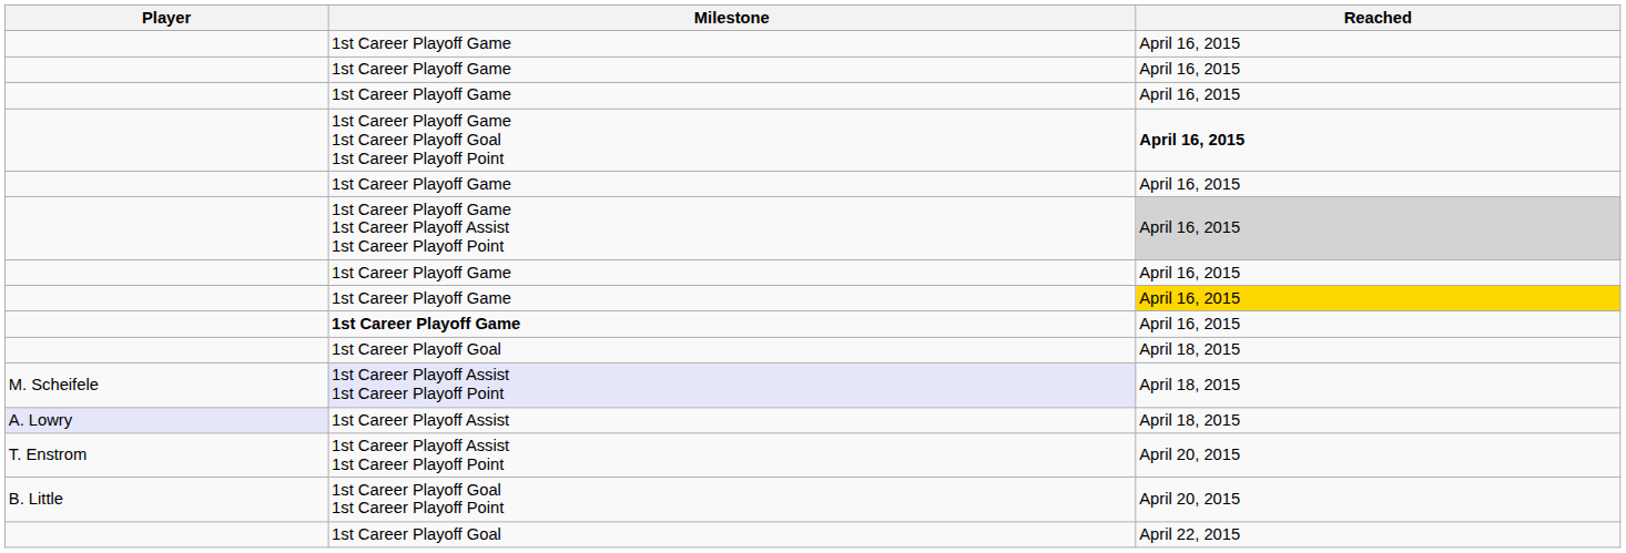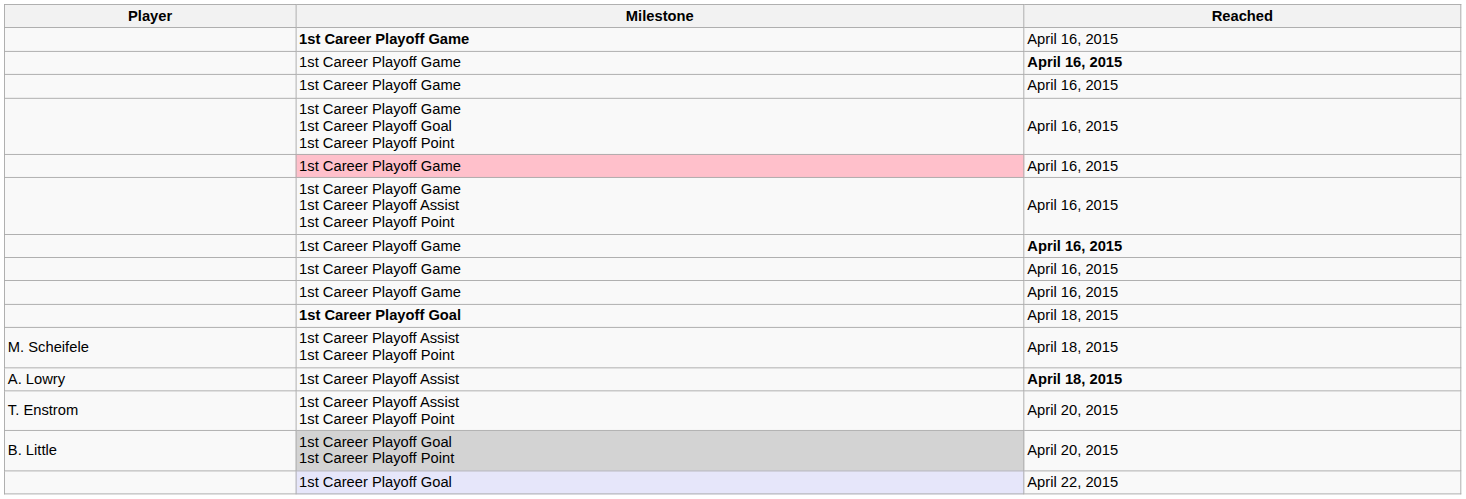 <table class="wikitable sortable" style="width:100%;">
 <tr align=center>
 <th style="width:20%;">Player</th>
 <th style="width:50%;">Milestone</th>
 <th style="width:30%;" data-sort-type="date">Reached</th>
+</tr>
+<tr>
+<td></td>
+<td><strong>1st Career Playoff Game</strong></td>
+<td>April 16, 2015</td>
+</tr>
+<tr>
+<td></td>
+<td>1st Career Playoff Game</td>
+<td><strong>April 16, 2015</strong></td>
+</tr>
+<tr>
+<td></td>
+<td>1st Career Playoff Game</td>
+<td>April 16, 2015</td>
+</tr>
+<tr>
+<td></td>
+<td>1st Career Playoff Game<br>1st Career Playoff Goal<br>1st Career Playoff Point</td>
+<td>April 16, 2015</td>
+</tr>
+<tr>
+<td></td>
+<td style="background: pink;">1st Career Playoff Game</td>
+<td>April 16, 2015</td>
+</tr>
+<tr>
+<td></td>
+<td>1st Career Playoff Game<br>1st Career Playoff Assist<br>1st Career Playoff Point</td>
+<td>April 16, 2015</td>
+</tr>
+<tr>
+<td></td>
+<td>1st Career Playoff Game</td>
+<td><strong>April 16, 2015</strong></td>
 </tr>
 <tr>
 <td></td>
 <td>1st Career Playoff Game</td>
 <td>April 16, 2015</td>
 </tr>
 <tr>
 <td></td>
 <td>1st Career Playoff Game</td>
 <td>April 16, 2015</td>
 </tr>
 <tr>
 <td></td>
-<td>1st Career Playoff Game</td>
-<td>April 16, 2015</td>
-</tr>
-<tr>
-<td></td>
-<td>1st Career Playoff Game<br>1st Career Playoff Goal<br>1st Career Playoff Point</td>
-<td><strong>April 16, 2015</strong></td>
-</tr>
-<tr>
-<td></td>
-<td>1st Career Playoff Game</td>
-<td>April 16, 2015</td>
-</tr>
-<tr>
-<td></td>
-<td>1st Career Playoff Game<br>1st Career Playoff Assist<br>1st Career Playoff Point</td>
-<td style="background: lightgrey;">April 16, 2015</td>
-</tr>
-<tr>
-<td></td>
-<td>1st Career Playoff Game</td>
-<td>April 16, 2015</td>
-</tr>
-<tr>
-<td></td>
-<td>1st Career Playoff Game</td>
-<td style="background: gold;">April 16, 2015</td>
-</tr>
-<tr>
-<td></td>
-<td><strong>1st Career Playoff Game</strong></td>
-<td>April 16, 2015</td>
-</tr>
-<tr>
-<td></td>
-<td>1st Career Playoff Goal</td>
+<td><strong>1st Career Playoff Goal</strong></td>
 <td>April 18, 2015</td>
 </tr>
 <tr>
 <td>M. Scheifele</td>
-<td style="background: lavender;">1st Career Playoff Assist<br>1st Career Playoff Point</td>
+<td>1st Career Playoff Assist<br>1st Career Playoff Point</td>
 <td>April 18, 2015</td>
 </tr>
 <tr>
-<td style="background: lavender;">A. Lowry</td>
+<td>A. Lowry</td>
 <td>1st Career Playoff Assist</td>
-<td>April 18, 2015</td>
+<td><strong>April 18, 2015</strong></td>
 </tr>
 <tr>
 <td>T. Enstrom</td>
 <td>1st Career Playoff Assist<br>1st Career Playoff Point</td>
 <td>April 20, 2015</td>
 </tr>
 <tr>
 <td>B. Little</td>
-<td>1st Career Playoff Goal<br>1st Career Playoff Point</td>
+<td style="background: lightgrey;">1st Career Playoff Goal<br>1st Career Playoff Point</td>
 <td>April 20, 2015</td>
 </tr>
 <tr>
 <td></td>
-<td>1st Career Playoff Goal</td>
+<td style="background: lavender;">1st Career Playoff Goal</td>
 <td>April 22, 2015</td>
 </tr>
 </table>
